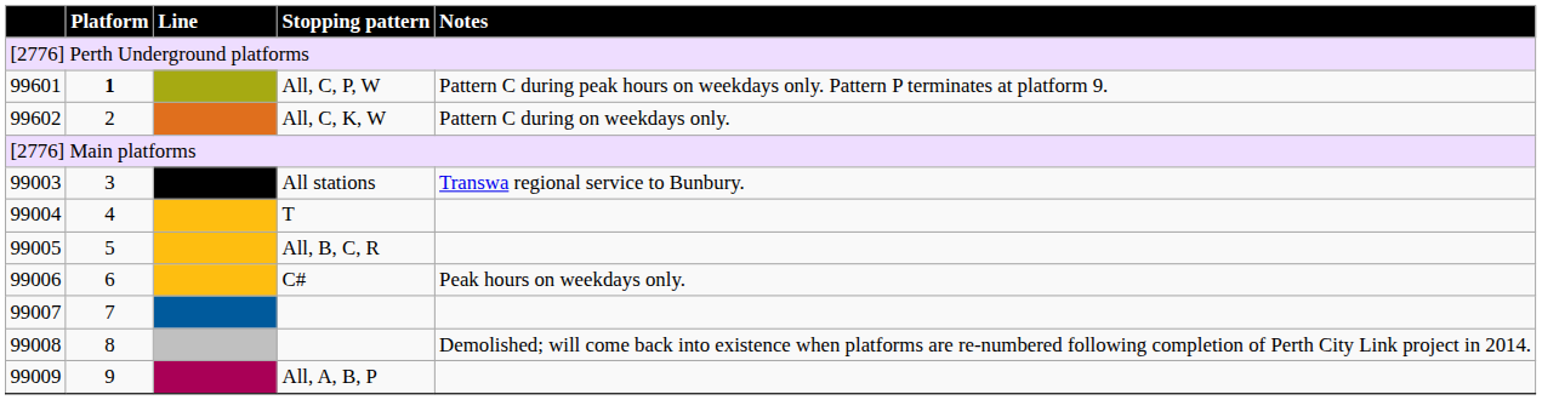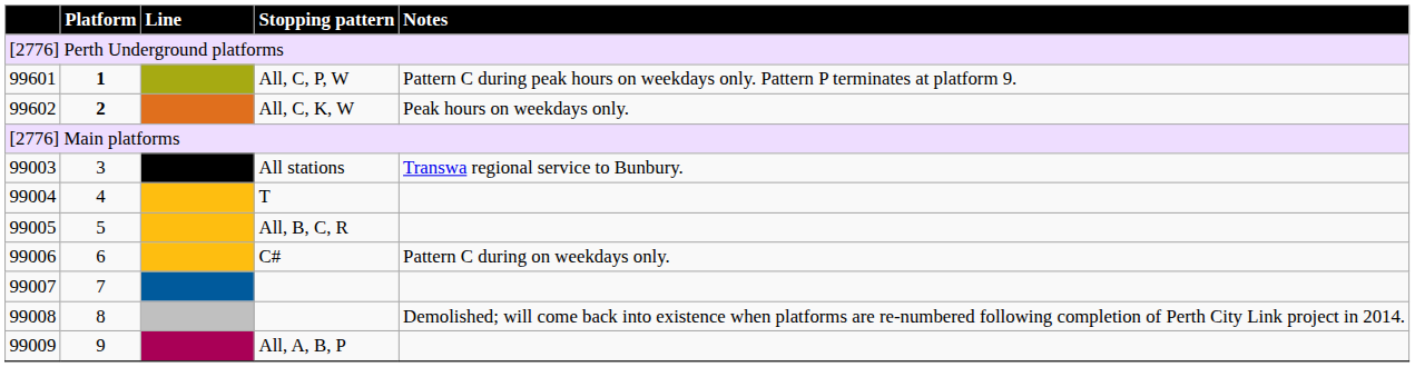 <table class="wikitable" style="float: none; margin-center: 1em; margin-bottom: 0.5em; border: black solid 1px; text-align:center;">
 <tr style="color:#FFFFFF;">
 <th style="background:#000000; text-align:left;"></th>
 <th style="background:#000000; text-align:left;">Platform</th>
 <th style="background:#000000; text-align:left; width:90px;">Line</th>
 <th style="background:#000000; text-align:left;">Stopping pattern</th>
 <th style="background:#000000; text-align:left;">Notes</th>
 </tr>
 <tr>
 <td colspan="5" style="background:#EDF; text-align:left;">[2776] Perth Underground platforms</td>
 </tr>
 <tr>
 <td>99601</td>
 <td><strong>1</strong></td>
 <td style="color:white; background:#A6AA12;"><strong><a href='#'></a></strong></td>
 <td style="text-align:left;">All, C, P, W</td>
 <td style="text-align:left;">Pattern C during peak hours on weekdays only. Pattern P terminates at platform 9.</td>
 </tr>
 <tr>
 <td>99602</td>
-<td>2</td>
+<td><strong>2</strong></td>
 <td style="color:white; background:#E06F1D;"><strong><a href='#'></a></strong></td>
 <td style="text-align:left;">All, C, K, W</td>
-<td style="text-align:left;">Pattern C during on weekdays only.</td>
+<td style="text-align:left;">Peak hours on weekdays only.</td>
 </tr>
 <tr>
 <td colspan="5" style="background:#EDF; text-align:left;">[2776] Main platforms</td>
 </tr>
 <tr>
 <td>99003</td>
 <td>3</td>
 <td style="color:#E0730E; background:#000000;"><strong><a href='#'></a></strong></td>
 <td style="text-align:left;">All stations</td>
 <td style="text-align:left;"><a href='#'>Transwa</a> regional service to Bunbury.</td>
 </tr>
 <tr>
 <td>99004</td>
 <td>4</td>
 <td style="color:black; background:#FEBE10;"><strong><a href='#'></a></strong></td>
 <td style="text-align:left;">T</td>
 <td></td>
 </tr>
 <tr>
 <td>99005</td>
 <td>5</td>
 <td style="color:black; background:#FEBE10;"><strong><a href='#'></a></strong></td>
 <td style="text-align:left;">All, B, C, R</td>
 <td></td>
 </tr>
 <tr>
 <td>99006</td>
 <td>6</td>
 <td style="color:black; background:#FEBE10;"><strong><a href='#'></a></strong></td>
 <td style="text-align:left;">C#</td>
-<td style="text-align:left;">Peak hours on weekdays only.</td>
+<td style="text-align:left;">Pattern C during on weekdays only.</td>
 </tr>
 <tr>
 <td>99007</td>
 <td>7</td>
 <td style="color:white; background:#005A9C;"><strong><a href='#'></a></strong></td>
 <td style="text-align:left;"></td>
 <td></td>
 </tr>
 <tr>
 <td>99008</td>
 <td>8</td>
 <td style="background:silver;"></td>
 <td></td>
 <td style="text-align:left;">Demolished; will come back into existence when platforms are re-numbered following completion of Perth City Link project in 2014.</td>
 </tr>
 <tr>
 <td>99009</td>
 <td>9</td>
 <td style="color:white; background:#A90056;"><strong><a href='#'></a></strong></td>
 <td style="text-align:left;">All, A, B, P</td>
 <td></td>
 </tr>
 <tr>
 </tr>
 </table>
